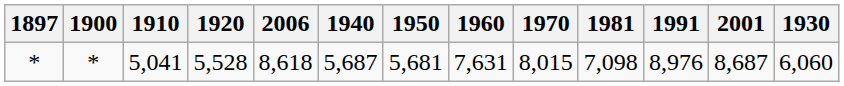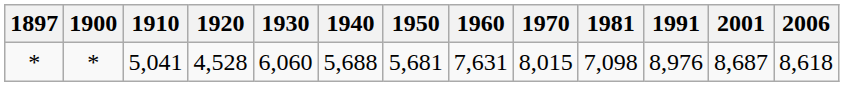 <table class="wikitable">
 <tr>
 <th>1897</th>
 <th>1900</th>
 <th>1910</th>
 <th>1920</th>
-<th>2006</th>
+<th>1930</th>
 <th>1940</th>
 <th>1950</th>
 <th>1960</th>
 <th>1970</th>
 <th>1981</th>
 <th>1991</th>
 <th>2001</th>
-<th>1930</th>
+<th>2006</th>
 </tr>
 <tr style="text-align: center">
 <td>*</td>
 <td>*</td>
 <td>5,041</td>
-<td>5,528</td>
-<td>8,618</td>
-<td>5,687</td>
+<td>4,528</td>
+<td>6,060</td>
+<td>5,688</td>
 <td>5,681</td>
 <td>7,631</td>
 <td>8,015</td>
 <td>7,098</td>
 <td>8,976</td>
 <td>8,687</td>
-<td>6,060</td>
+<td>8,618</td>
 </tr>
 </table>
